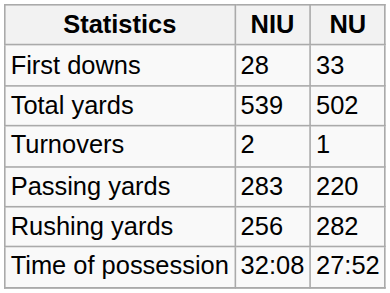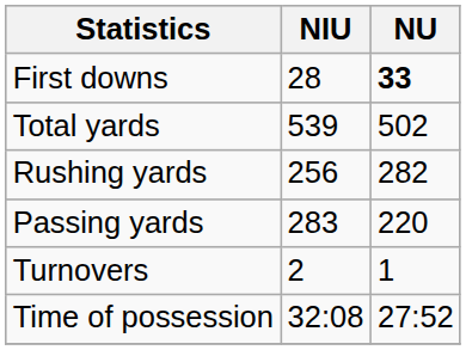 <table class="wikitable">
 <tr>
 <th>Statistics</th>
 <th>NIU</th>
 <th>NU</th>
 </tr>
 <tr>
 <td>First downs</td>
 <td>28</td>
-<td>33</td>
+<td><strong>33</strong></td>
 </tr>
 <tr>
 <td>Total yards</td>
 <td>539</td>
 <td>502</td>
 </tr>
 <tr>
-<td>Turnovers</td>
-<td>2</td>
-<td>1</td>
+<td>Rushing yards</td>
+<td>256</td>
+<td>282</td>
 </tr>
 <tr>
 <td>Passing yards</td>
 <td>283</td>
 <td>220</td>
 </tr>
 <tr>
-<td>Rushing yards</td>
-<td>256</td>
-<td>282</td>
+<td>Turnovers</td>
+<td>2</td>
+<td>1</td>
 </tr>
 <tr>
 <td>Time of possession</td>
 <td>32:08</td>
 <td>27:52</td>
 </tr>
 <tr>
 </tr>
 </table>
